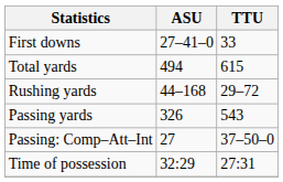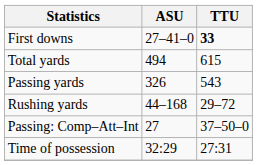 <table class="wikitable" style="float: left;">
 <tr>
 <th>Statistics</th>
 <th>ASU</th>
 <th>TTU</th>
 </tr>
 <tr>
 <td>First downs</td>
 <td>27–41–0</td>
-<td>33</td>
+<td><strong>33</strong></td>
 </tr>
 <tr>
 <td>Total yards</td>
 <td>494</td>
 <td>615</td>
 </tr>
 <tr>
+<td>Passing yards</td>
+<td>326</td>
+<td>543</td>
+</tr>
+<tr>
 <td>Rushing yards</td>
 <td>44–168</td>
 <td>29–72</td>
-</tr>
-<tr>
-<td>Passing yards</td>
-<td>326</td>
-<td>543</td>
 </tr>
 <tr>
 <td>Passing: Comp–Att–Int</td>
 <td>27</td>
 <td>37–50–0</td>
 </tr>
 <tr>
 <td>Time of possession</td>
 <td>32:29</td>
 <td>27:31</td>
 </tr>
 <tr>
 </tr>
 </table>
